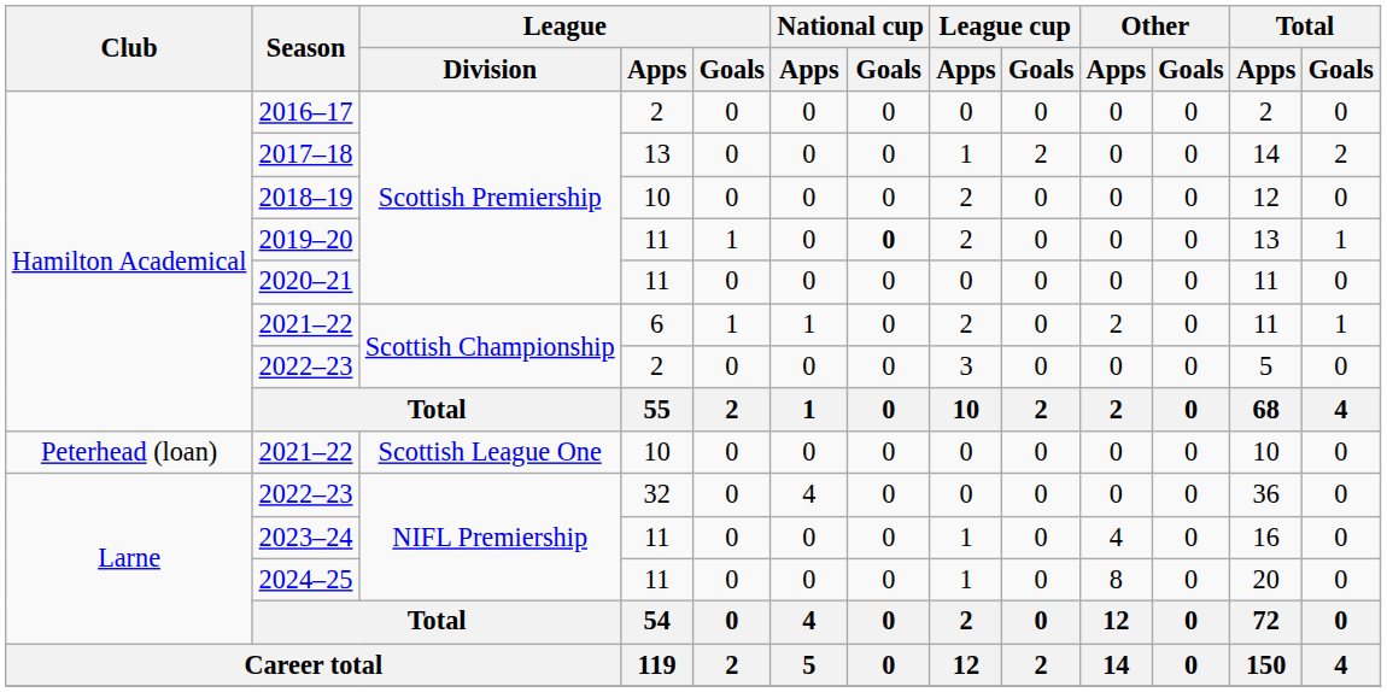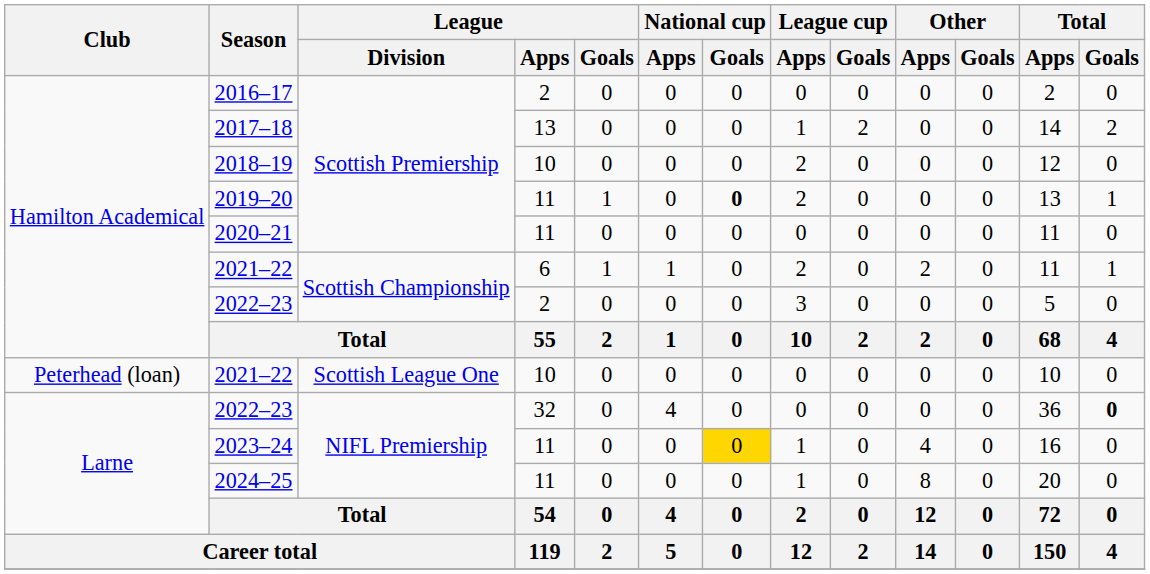 <table class="wikitable" style="text-align: center">
 <tr>
 <th rowspan="2">Club</th>
 <th rowspan="2">Season</th>
 <th colspan="3">League</th>
 <th colspan="2">National cup</th>
 <th colspan="2">League cup</th>
 <th colspan="2">Other</th>
 <th colspan="2">Total</th>
 </tr>
 <tr>
 <th>Division</th>
 <th>Apps</th>
 <th>Goals</th>
 <th>Apps</th>
 <th>Goals</th>
 <th>Apps</th>
 <th>Goals</th>
 <th>Apps</th>
 <th>Goals</th>
 <th>Apps</th>
 <th>Goals</th>
 </tr>
 <tr>
 <td rowspan="8"><a href='#'>Hamilton Academical</a></td>
 <td><a href='#'>2016–17</a></td>
 <td rowspan="5"><a href='#'>Scottish Premiership</a></td>
 <td>2</td>
 <td>0</td>
 <td>0</td>
 <td>0</td>
 <td>0</td>
 <td>0</td>
 <td>0</td>
 <td>0</td>
 <td>2</td>
 <td>0</td>
 </tr>
 <tr>
 <td><a href='#'>2017–18</a></td>
 <td>13</td>
 <td>0</td>
 <td>0</td>
 <td>0</td>
 <td>1</td>
 <td>2</td>
 <td>0</td>
 <td>0</td>
 <td>14</td>
 <td>2</td>
 </tr>
 <tr>
 <td><a href='#'>2018–19</a></td>
 <td>10</td>
 <td>0</td>
 <td>0</td>
 <td>0</td>
 <td>2</td>
 <td>0</td>
 <td>0</td>
 <td>0</td>
 <td>12</td>
 <td>0</td>
 </tr>
 <tr>
 <td><a href='#'>2019–20</a></td>
 <td>11</td>
 <td>1</td>
 <td>0</td>
 <td><strong>0</strong></td>
 <td>2</td>
 <td>0</td>
 <td>0</td>
 <td>0</td>
 <td>13</td>
 <td>1</td>
 </tr>
 <tr>
 <td><a href='#'>2020–21</a></td>
 <td>11</td>
 <td>0</td>
 <td>0</td>
 <td>0</td>
 <td>0</td>
 <td>0</td>
 <td>0</td>
 <td>0</td>
 <td>11</td>
 <td>0</td>
 </tr>
 <tr>
 <td><a href='#'>2021–22</a></td>
 <td rowspan="2"><a href='#'>Scottish Championship</a></td>
 <td>6</td>
 <td>1</td>
 <td>1</td>
 <td>0</td>
 <td>2</td>
 <td>0</td>
 <td>2</td>
 <td>0</td>
 <td>11</td>
 <td>1</td>
 </tr>
 <tr>
 <td><a href='#'>2022–23</a></td>
 <td>2</td>
 <td>0</td>
 <td>0</td>
 <td>0</td>
 <td>3</td>
 <td>0</td>
 <td>0</td>
 <td>0</td>
 <td>5</td>
 <td>0</td>
 </tr>
 <tr>
 <th colspan="2">Total</th>
 <th>55</th>
 <th>2</th>
 <th>1</th>
 <th>0</th>
 <th>10</th>
 <th>2</th>
 <th>2</th>
 <th>0</th>
 <th>68</th>
 <th>4</th>
 </tr>
 <tr>
 <td><a href='#'>Peterhead</a> (loan)</td>
 <td><a href='#'>2021–22</a></td>
 <td><a href='#'>Scottish League One</a></td>
 <td>10</td>
 <td>0</td>
 <td>0</td>
 <td>0</td>
 <td>0</td>
 <td>0</td>
 <td>0</td>
 <td>0</td>
 <td>10</td>
 <td>0</td>
 </tr>
 <tr>
 <td rowspan=4><a href='#'>Larne</a></td>
 <td><a href='#'>2022–23</a></td>
 <td rowspan=3><a href='#'>NIFL Premiership</a></td>
 <td>32</td>
 <td>0</td>
 <td>4</td>
 <td>0</td>
 <td>0</td>
 <td>0</td>
 <td>0</td>
 <td>0</td>
 <td>36</td>
-<td>0</td>
+<td><strong>0</strong></td>
 </tr>
 <tr>
 <td><a href='#'>2023–24</a></td>
 <td>11</td>
 <td>0</td>
 <td>0</td>
-<td>0</td>
+<td style="background: gold;">0</td>
 <td>1</td>
 <td>0</td>
 <td>4</td>
 <td>0</td>
 <td>16</td>
 <td>0</td>
 </tr>
 <tr>
 <td><a href='#'>2024–25</a></td>
 <td>11</td>
 <td>0</td>
 <td>0</td>
 <td>0</td>
 <td>1</td>
 <td>0</td>
 <td>8</td>
 <td>0</td>
 <td>20</td>
 <td>0</td>
 </tr>
 <tr>
 <th colspan="2">Total</th>
 <th>54</th>
 <th>0</th>
 <th>4</th>
 <th>0</th>
 <th>2</th>
 <th>0</th>
 <th>12</th>
 <th>0</th>
 <th>72</th>
 <th>0</th>
 </tr>
 <tr>
 <th colspan="3">Career total</th>
 <th>119</th>
 <th>2</th>
 <th>5</th>
 <th>0</th>
 <th>12</th>
 <th>2</th>
 <th>14</th>
 <th>0</th>
 <th>150</th>
 <th>4</th>
 </tr>
 <tr>
 </tr>
 </table>
